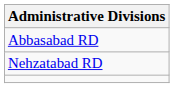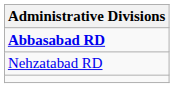 <table class="wikitable">
 <tr>
 <th>Administrative Divisions</th>
 </tr>
 <tr>
-<td><a href='#'>Abbasabad RD</a></td>
+<td><strong><a href='#'>Abbasabad RD</a></strong></td>
 </tr>
 <tr>
 <td><a href='#'>Nehzatabad RD</a></td>
 </tr>
 <tr>
 <td colspan=1></td>
 </tr>
 </table>
